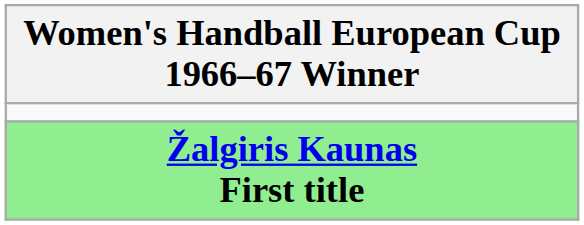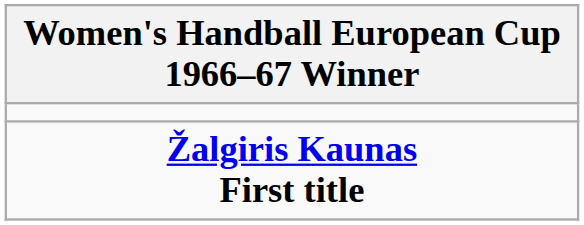 <table class="wikitable" style="text-align: center; margin: 0 auto; width: 20%">
 <tr>
 <th>Women's Handball European Cup <br>1966–67 Winner</th>
 </tr>
 <tr>
 <td></td>
 </tr>
 <tr>
-<td style="background: lightgreen;"><strong> <a href='#'>Žalgiris Kaunas</a></strong><br><strong>First title</strong> <br></td>
+<td><strong> <a href='#'>Žalgiris Kaunas</a></strong><br><strong>First title</strong> <br></td>
 </tr>
 </table>
